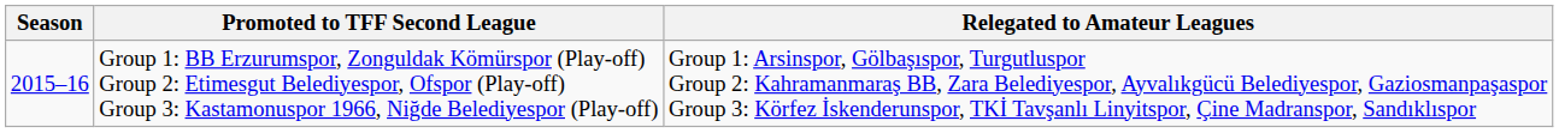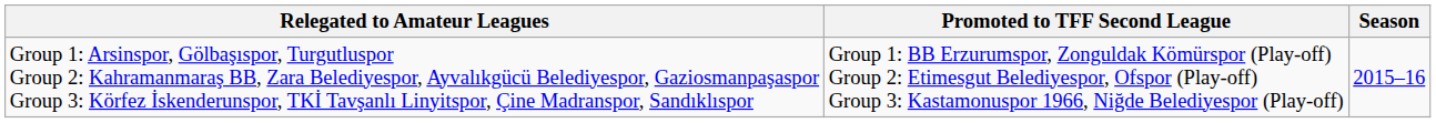 <table class="wikitable">
 <tr>
+<th>Relegated to Amateur Leagues</th>
+<th>Promoted to TFF Second League</th>
 <th>Season</th>
-<th>Promoted to TFF Second League</th>
-<th>Relegated to Amateur Leagues</th>
 </tr>
 <tr>
+<td>Group 1: <a href='#'>Arsinspor</a>, <a href='#'>Gölbaşıspor</a>, <a href='#'>Turgutluspor</a><br> Group 2: <a href='#'>Kahramanmaraş BB</a>, <a href='#'>Zara Belediyespor</a>, <a href='#'>Ayvalıkgücü Belediyespor</a>, <a href='#'>Gaziosmanpaşaspor</a><br>Group 3: <a href='#'>Körfez İskenderunspor</a>, <a href='#'>TKİ Tavşanlı Linyitspor</a>, <a href='#'>Çine Madranspor</a>, <a href='#'>Sandıklıspor</a></td>
+<td>Group 1: <a href='#'>BB Erzurumspor</a>, <a href='#'>Zonguldak Kömürspor</a> (Play-off)<br>Group 2: <a href='#'>Etimesgut Belediyespor</a>, <a href='#'>Ofspor</a> (Play-off)<br>Group 3: <a href='#'>Kastamonuspor 1966</a>, <a href='#'>Niğde Belediyespor</a> (Play-off)</td>
 <td><a href='#'>2015–16</a></td>
-<td>Group 1: <a href='#'>BB Erzurumspor</a>, <a href='#'>Zonguldak Kömürspor</a> (Play-off)<br>Group 2: <a href='#'>Etimesgut Belediyespor</a>, <a href='#'>Ofspor</a> (Play-off)<br>Group 3: <a href='#'>Kastamonuspor 1966</a>, <a href='#'>Niğde Belediyespor</a> (Play-off)</td>
-<td>Group 1: <a href='#'>Arsinspor</a>, <a href='#'>Gölbaşıspor</a>, <a href='#'>Turgutluspor</a><br> Group 2: <a href='#'>Kahramanmaraş BB</a>, <a href='#'>Zara Belediyespor</a>, <a href='#'>Ayvalıkgücü Belediyespor</a>, <a href='#'>Gaziosmanpaşaspor</a><br>Group 3: <a href='#'>Körfez İskenderunspor</a>, <a href='#'>TKİ Tavşanlı Linyitspor</a>, <a href='#'>Çine Madranspor</a>, <a href='#'>Sandıklıspor</a></td>
 </tr>
 </table>
